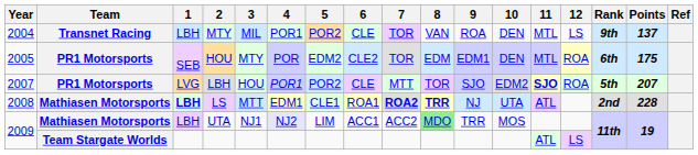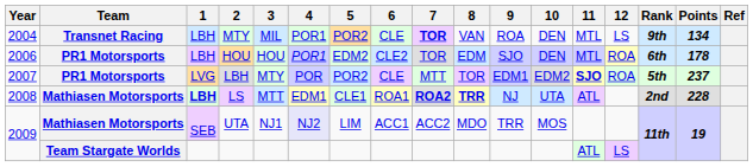 <table class="wikitable" style="text-align:center; font-size:95%">
 <tr>
 <th>Year</th>
 <th>Team</th>
 <th>1</th>
 <th>2</th>
 <th>3</th>
 <th>4</th>
 <th>5</th>
 <th>6</th>
 <th>7</th>
 <th>8</th>
 <th>9</th>
 <th>10</th>
 <th>11</th>
 <th>12</th>
 <th>Rank</th>
 <th>Points</th>
 <th>Ref</th>
 </tr>
 <tr>
 <td><a href='#'>2004</a></td>
 <th><a href='#'>Transnet Racing</a></th>
 <td style="background-color:#CFEAFF"><a href='#'>LBH</a><br></td>
 <td style="background-color:#DFFFDF"><a href='#'>MTY</a><br></td>
 <td style="background-color:#CFEAFF"><a href='#'>MIL</a><br></td>
 <td style="background-color:#DFFFDF"><a href='#'>POR1</a><br></td>
 <td style="background-color:#FFDF9F"><a href='#'>POR2</a><br></td>
 <td style="background-color:#DFFFDF"><a href='#'>CLE</a><br></td>
-<td style="background-color:#EFCFFF"><a href='#'>TOR</a><br></td>
+<td style="background-color:#EFCFFF"><strong><a href='#'>TOR</a><br></strong></td>
 <td><a href='#'>VAN</a></td>
 <td><a href='#'>ROA</a></td>
 <td><a href='#'>DEN</a></td>
 <td><a href='#'>MTL</a></td>
 <td><a href='#'>LS</a></td>
 <td style="background-color:#CFEAFF"><strong><em>9th</em></strong></td>
-<td style="background-color:#CFEAFF"><strong><em>137</em></strong></td>
+<td style="background-color:#CFEAFF"><strong><em>134</em></strong></td>
 <th></th>
 </tr>
 <tr>
-<td><a href='#'>2005</a></td>
+<td><a href='#'>2006</a></td>
 <th><a href='#'>PR1 Motorsports</a></th>
-<td style="background-color:#EFCFFF"><br><a href='#'>SEB</a><br> </td>
+<td style="background-color:#EFCFFF"><a href='#'>LBH</a><br></td>
 <td style="background-color:#FFDF9F"><a href='#'>HOU</a><br></td>
-<td style="background-color:#DFFFDF"><a href='#'>MTY</a><br></td>
-<td style="background-color:#CFCFFF"><a href='#'>POR</a><br></td>
+<td style="background-color:#DFFFDF"><a href='#'>HOU</a><br></td>
+<td style="background-color:#CFCFFF"><em><a href='#'>POR1</a></em><br></td>
 <td style="background-color:#DFFFDF"><a href='#'>EDM2</a><br></td>
 <td style="background-color:#CFEAFF"><a href='#'>CLE2</a><br></td>
 <td style="background-color:#DFDFDF"><a href='#'>TOR</a><br></td>
 <td style="background-color:#CFEAFF"><a href='#'>EDM</a><br></td>
-<td style="background-color:#CFCFFF"><a href='#'>EDM1</a><br></td>
+<td style="background-color:#CFCFFF"><a href='#'>SJO</a><br></td>
 <td style="background-color:#CFCFFF"><a href='#'>DEN</a><br></td>
 <td style="background-color:#CFCFFF"><a href='#'>MTL</a><br></td>
 <td style="background-color:#FFFFBF"><a href='#'>ROA</a><br></td>
 <td style="background-color:#CFEAFF"><strong><em>6th</em></strong></td>
-<td style="background-color:#CFEAFF"><strong><em>175</em></strong></td>
+<td style="background-color:#CFEAFF"><strong><em>178</em></strong></td>
 <th></th>
 </tr>
 <tr>
 <td><a href='#'>2007</a></td>
 <th><a href='#'>PR1 Motorsports</a></th>
 <td style="background-color:#FFDF9F"><a href='#'>LVG</a><br></td>
 <td style="background-color:#DFDFDF"><a href='#'>LBH</a><br></td>
-<td style="background-color:#DFFFDF"><a href='#'>HOU</a><br></td>
-<td style="background-color:#CFCFFF"><em><a href='#'>POR1</a></em><br></td>
+<td style="background-color:#DFFFDF"><a href='#'>MTY</a><br></td>
+<td style="background-color:#CFCFFF"><a href='#'>POR</a><br></td>
 <td style="background-color:#CFEAFF"><a href='#'>POR2</a><br></td>
 <td style="background-color:#EFCFFF"><a href='#'>CLE</a><br></td>
 <td style="background-color:#DFFFDF"><a href='#'>MTT</a><br></td>
 <td style="background-color:#EFCFFF"><a href='#'>TOR</a><br></td>
-<td style="background-color:#CFCFFF"><a href='#'>SJO</a><br></td>
+<td style="background-color:#CFCFFF"><a href='#'>EDM1</a><br></td>
 <td style="background-color:#DFDFDF"><a href='#'>EDM2</a><br></td>
 <td style="background-color:#FFFFBF"><strong><a href='#'>SJO</a></strong><br></td>
 <td style="background-color:#DFFFDF"><a href='#'>ROA</a><br></td>
 <td style="background-color:#DFFFDF"><strong><em>5th</em></strong></td>
-<td style="background-color:#DFFFDF"><strong><em>207</em></strong></td>
+<td style="background-color:#DFFFDF"><strong><em>237</em></strong></td>
 <th></th>
 </tr>
 <tr>
 <td><a href='#'>2008</a></td>
 <th><a href='#'>Mathiasen Motorsports</a></th>
 <td style="background-color:#DFFFDF"><strong><a href='#'>LBH</a></strong><br></td>
 <td style="background-color:#EFCFFF"><a href='#'>LS</a><br></td>
 <td style="background-color:#CFEAFF"><a href='#'>MTT</a><br></td>
 <td style="background-color:#FFFFBF"><a href='#'>EDM1</a><br></td>
 <td style="background-color:#DFFFDF"><a href='#'>CLE1</a><br></td>
 <td style="background-color:#FFFFBF"><a href='#'>ROA1</a><br></td>
 <td style="background-color:#DFDFDF"><strong><a href='#'>ROA2</a></strong><br></td>
 <td style="background-color:#FFFFBF"><strong><a href='#'>TRR</a></strong><br></td>
 <td style="background-color:#CFEAFF"><a href='#'>NJ</a><br></td>
 <td style="background-color:#CFEAFF"><a href='#'>UTA</a><br></td>
 <td style="background-color:#EFCFFF"><a href='#'>ATL</a><br></td>
 <td></td>
 <td style="background-color:#DFDFDF"><strong><em>2nd</em></strong></td>
 <td style="background-color:#DFDFDF"><strong><em>228</em></strong></td>
 <th></th>
 </tr>
 <tr>
 <td rowspan=2><a href='#'>2009</a></td>
 <th><a href='#'>Mathiasen Motorsports</a></th>
-<td style="background-color:#EFCFFF"><a href='#'>LBH</a><br></td>
+<td style="background-color:#EFCFFF"><br><a href='#'>SEB</a><br> </td>
 <td><a href='#'>UTA</a></td>
 <td><a href='#'>NJ1</a></td>
 <td style="background: lavender;"><a href='#'>NJ2</a></td>
 <td><a href='#'>LIM</a></td>
 <td><a href='#'>ACC1</a></td>
 <td><a href='#'>ACC2</a></td>
-<td style="background: lightgreen;"><a href='#'>MDO</a></td>
+<td><a href='#'>MDO</a></td>
 <td><a href='#'>TRR</a></td>
 <td><a href='#'>MOS</a></td>
 <td></td>
 <td></td>
 <td rowspan=2 style="background-color:#CFCFFF"><strong><em>11th</em></strong></td>
 <td rowspan=2 style="background-color:#CFCFFF"><strong><em>19</em></strong></td>
 <th rowspan="2"></th>
 </tr>
 <tr>
 <th><a href='#'>Team Stargate Worlds</a></th>
 <td></td>
 <td></td>
 <td></td>
 <td></td>
 <td></td>
 <td></td>
 <td></td>
 <td></td>
 <td></td>
 <td></td>
 <td style="background-color:#DFFFDF"><a href='#'>ATL</a><br> </td>
 <td style="background-color:#EFCFFF"><a href='#'>LS</a> <br></td>
 </tr>
 </table>
